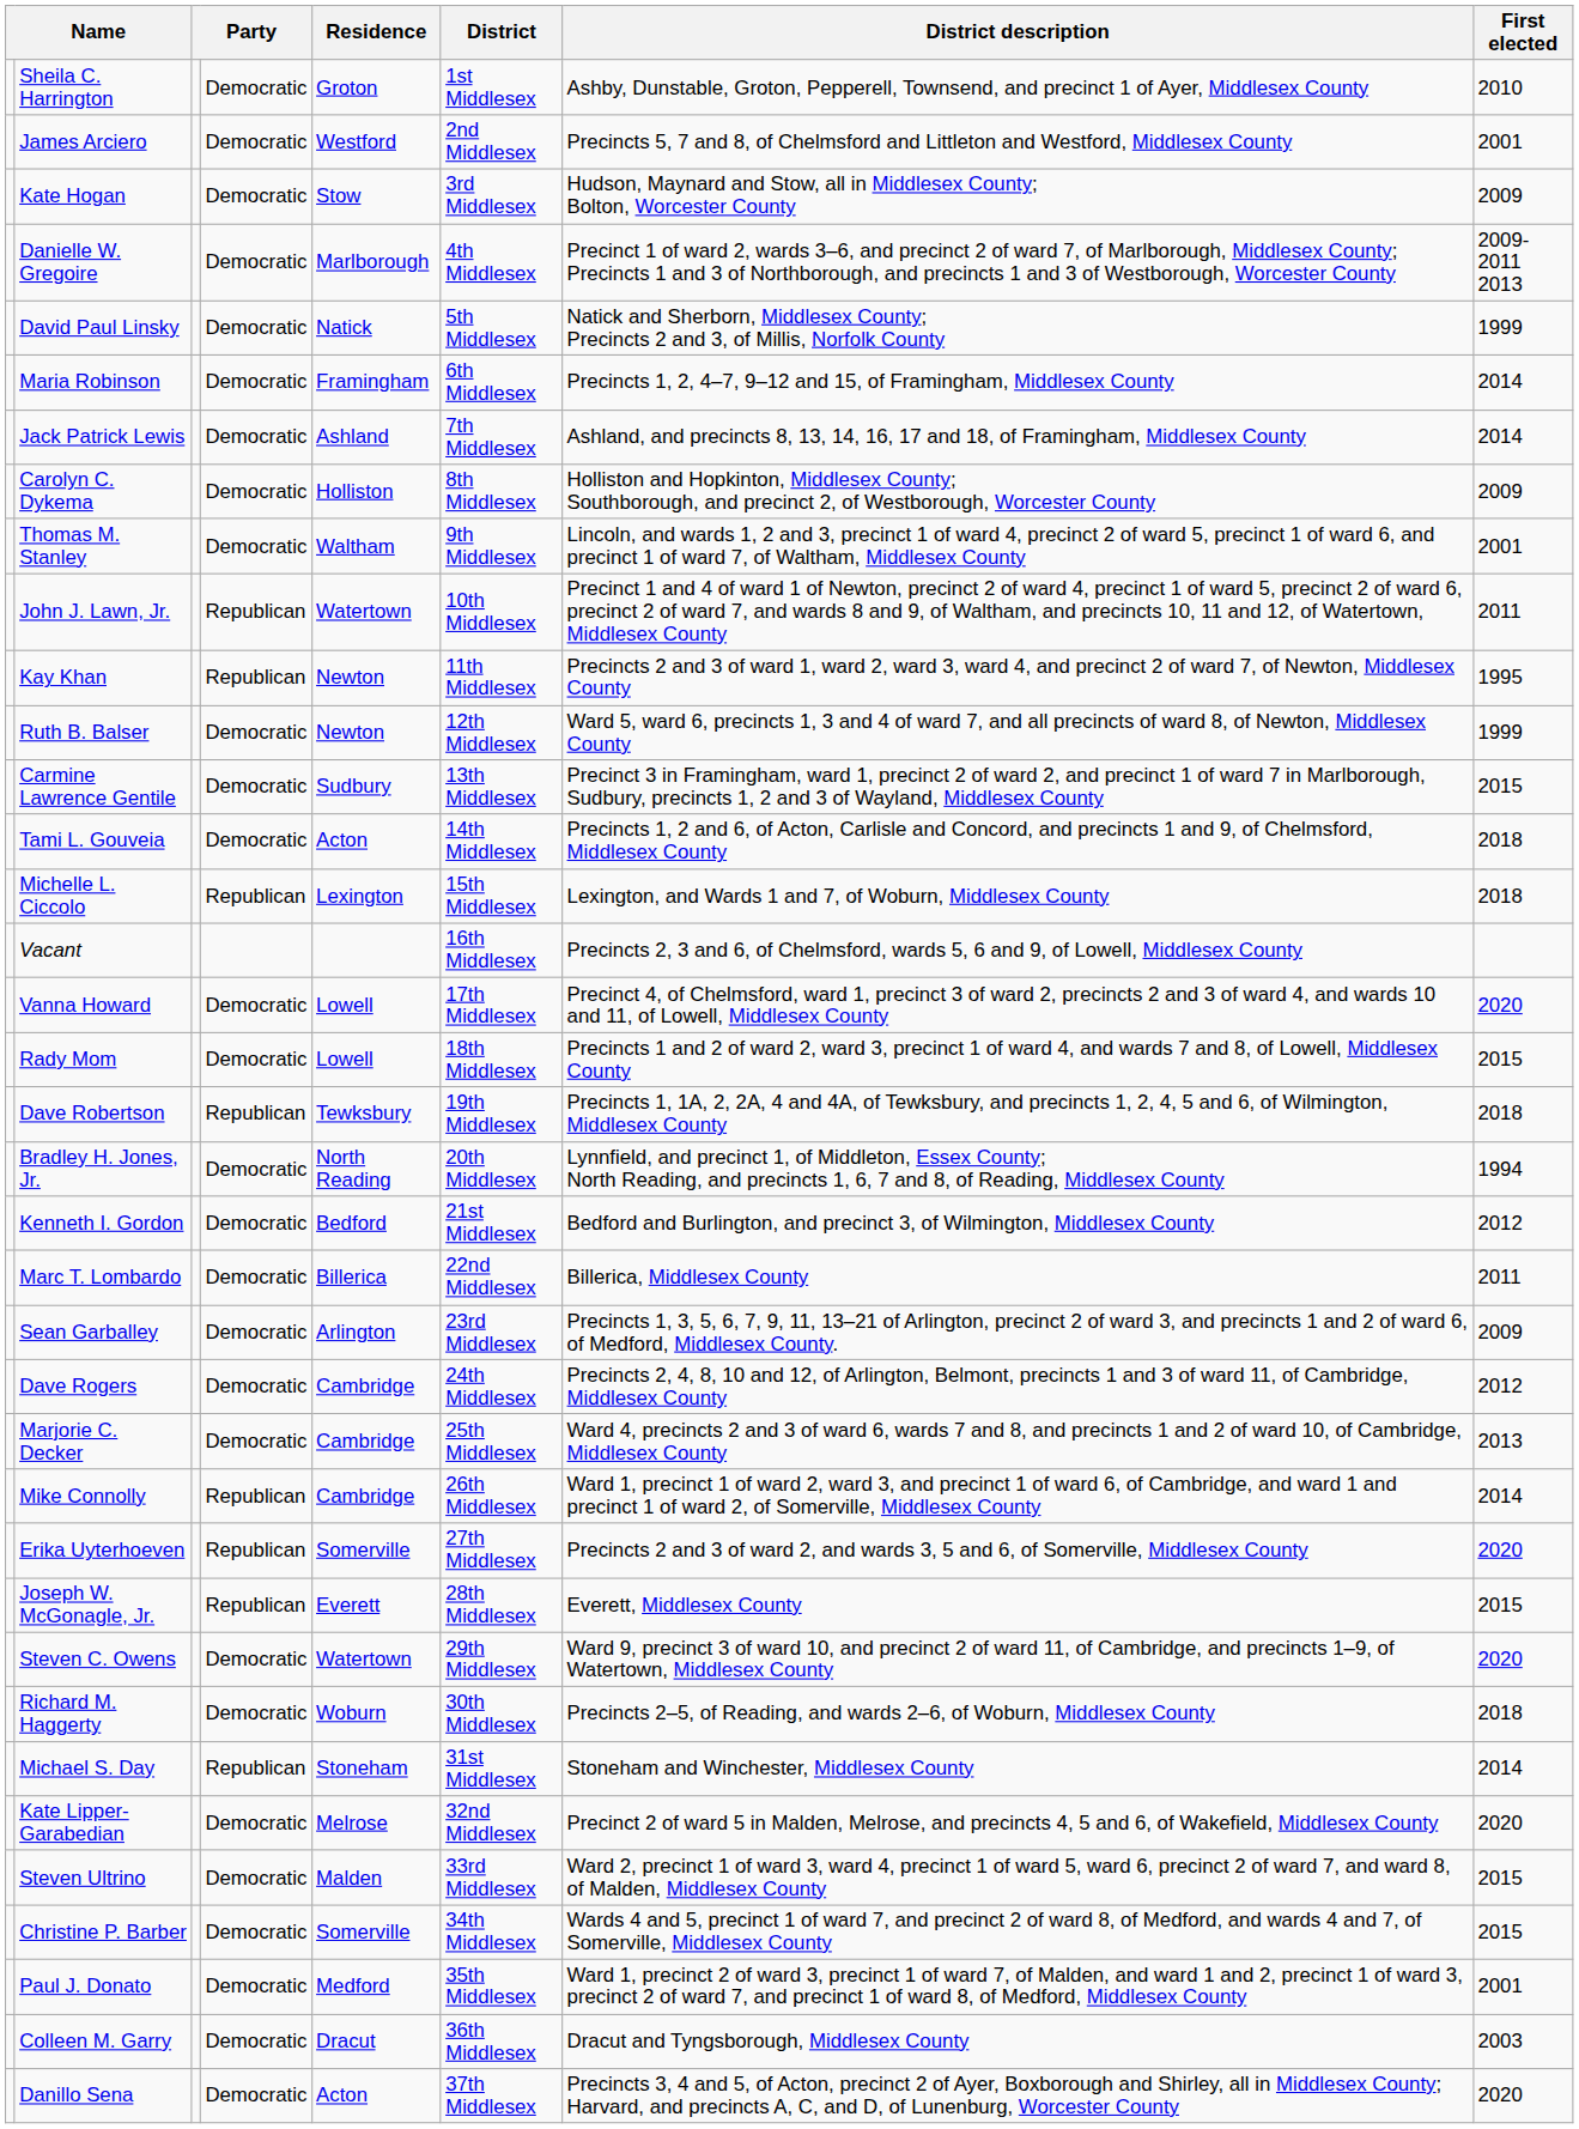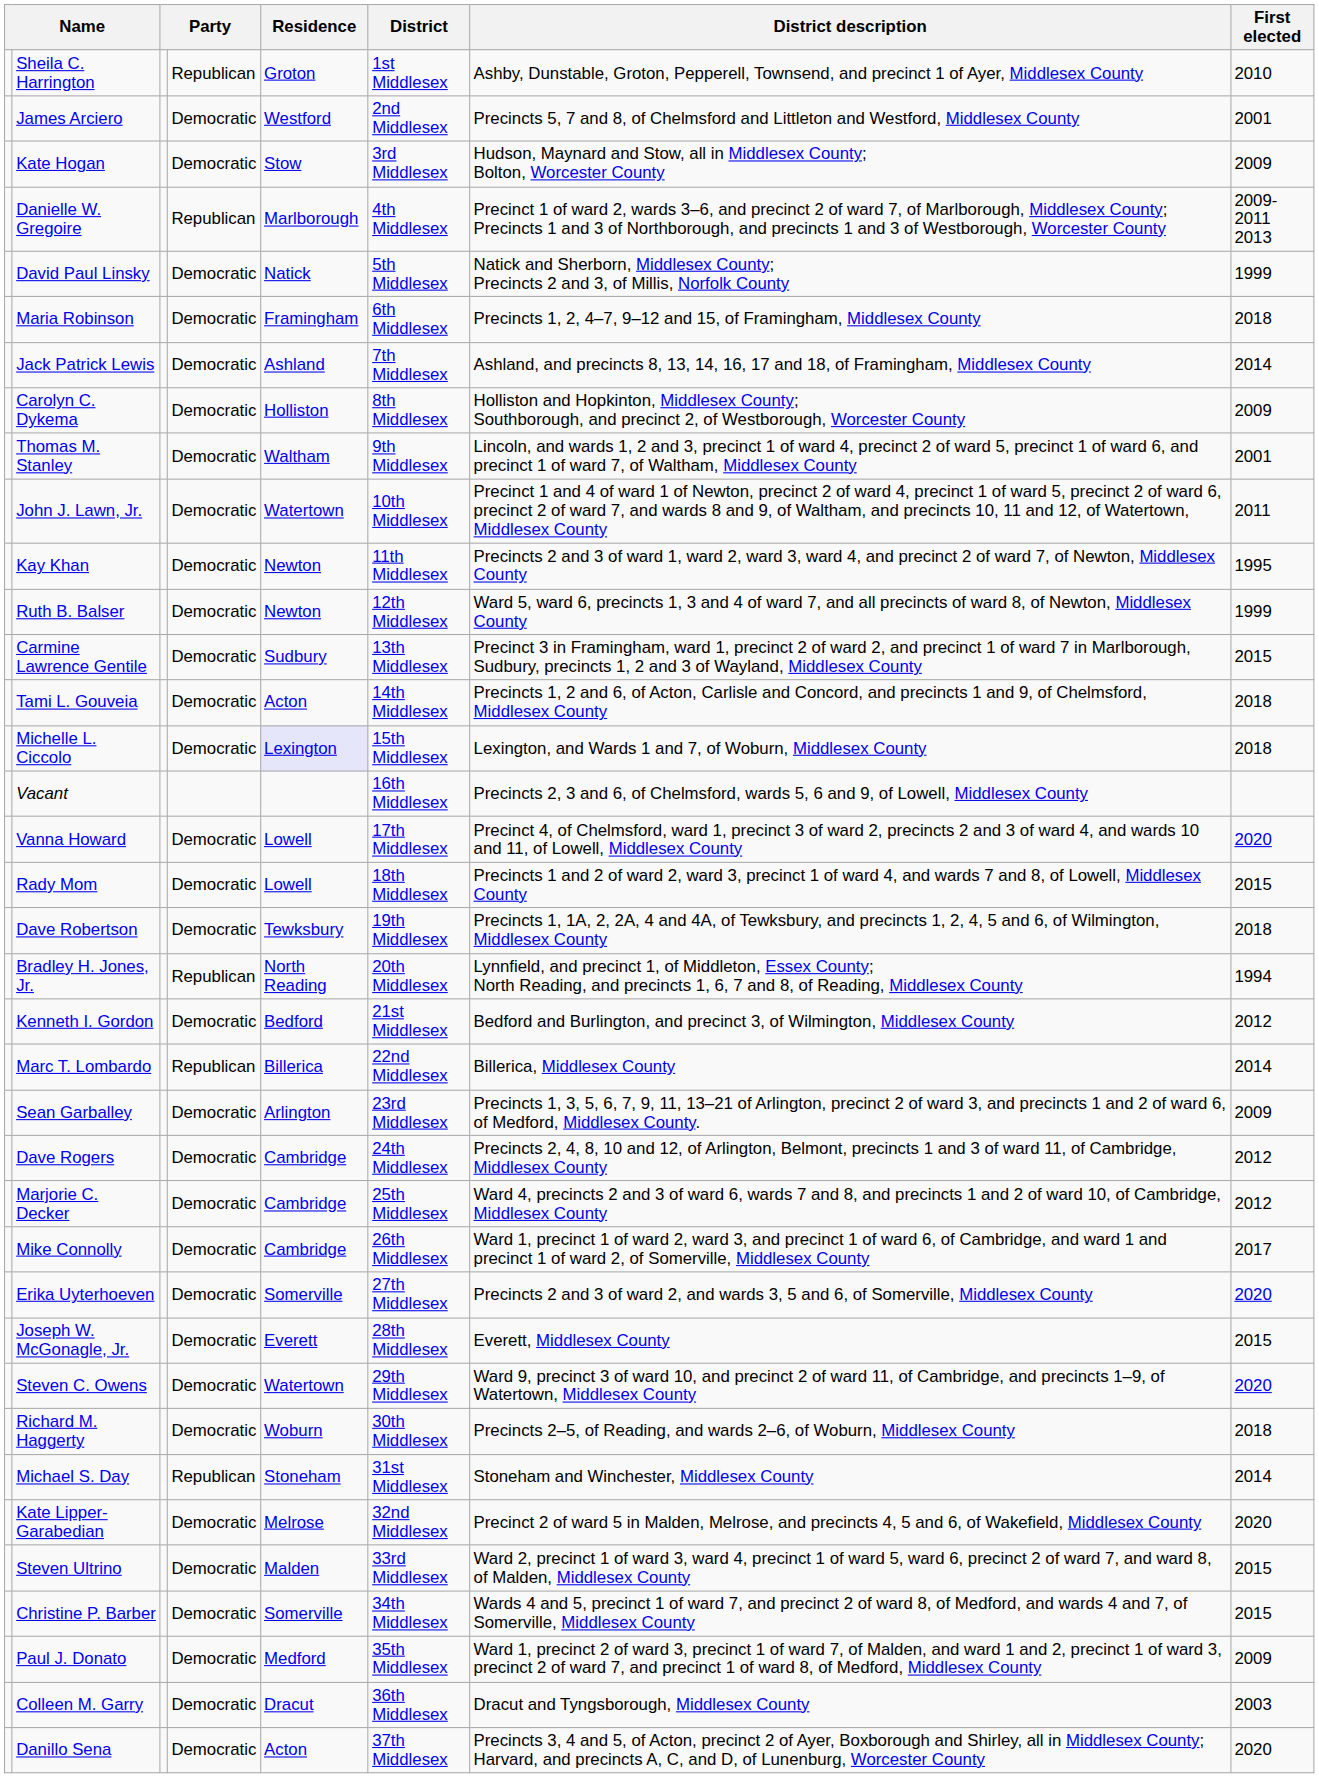 <table class="wikitable sortable" style="text-align:left;">
 <tr>
 <th colspan="2">Name</th>
 <th colspan=2>Party</th>
 <th>Residence</th>
 <th>District</th>
 <th>District description</th>
 <th>First elected</th>
 </tr>
 <tr>
 <td></td>
 <td><a href='#'>Sheila C. Harrington</a></td>
 <td style="background-color:"></td>
-<td>Democratic</td>
+<td>Republican</td>
 <td><a href='#'>Groton</a></td>
 <td><a href='#'>1st Middlesex</a></td>
 <td>Ashby, Dunstable, Groton, Pepperell, Townsend, and precinct 1 of Ayer, <a href='#'>Middlesex County</a></td>
 <td>2010</td>
 </tr>
 <tr>
 <td></td>
 <td><a href='#'>James Arciero</a></td>
 <td style="background-color:"></td>
 <td>Democratic</td>
 <td><a href='#'>Westford</a></td>
 <td><a href='#'>2nd Middlesex</a></td>
 <td>Precincts 5, 7 and 8, of Chelmsford and Littleton and Westford, <a href='#'>Middlesex County</a></td>
 <td>2001</td>
 </tr>
 <tr>
 <td></td>
 <td><a href='#'>Kate Hogan</a></td>
 <td style="background-color:"></td>
 <td>Democratic</td>
 <td><a href='#'>Stow</a></td>
 <td><a href='#'>3rd Middlesex</a></td>
 <td>Hudson, Maynard and Stow, all in <a href='#'>Middlesex County</a>;<br>Bolton, <a href='#'>Worcester County</a></td>
 <td>2009</td>
 </tr>
 <tr>
 <td></td>
 <td><a href='#'>Danielle W. Gregoire</a></td>
 <td style="background-color:"></td>
-<td>Democratic</td>
+<td>Republican</td>
 <td><a href='#'>Marlborough</a></td>
 <td><a href='#'>4th Middlesex</a></td>
 <td>Precinct 1 of ward 2, wards 3–6, and precinct 2 of ward 7, of Marlborough, <a href='#'>Middlesex County</a>;<br>Precincts 1 and 3 of Northborough, and precincts 1 and 3 of Westborough, <a href='#'>Worcester County</a></td>
 <td>2009-2011 <br> 2013</td>
 </tr>
 <tr>
 <td></td>
 <td><a href='#'>David Paul Linsky</a></td>
 <td style="background-color:"></td>
 <td>Democratic</td>
 <td><a href='#'>Natick</a></td>
 <td><a href='#'>5th Middlesex</a></td>
 <td>Natick and Sherborn, <a href='#'>Middlesex County</a>;<br>Precincts 2 and 3, of Millis, <a href='#'>Norfolk County</a></td>
 <td>1999</td>
 </tr>
 <tr>
 <td></td>
 <td><a href='#'>Maria Robinson</a></td>
 <td style="background-color:"></td>
 <td>Democratic</td>
 <td><a href='#'>Framingham</a></td>
 <td><a href='#'>6th Middlesex</a></td>
 <td>Precincts 1, 2, 4–7, 9–12 and 15, of Framingham, <a href='#'>Middlesex County</a></td>
-<td>2014</td>
+<td>2018</td>
 </tr>
 <tr>
 <td></td>
 <td><a href='#'>Jack Patrick Lewis</a></td>
 <td style="background-color:"></td>
 <td>Democratic</td>
 <td><a href='#'>Ashland</a></td>
 <td><a href='#'>7th Middlesex</a></td>
 <td>Ashland, and precincts 8, 13, 14, 16, 17 and 18, of Framingham, <a href='#'>Middlesex County</a></td>
 <td>2014</td>
 </tr>
 <tr>
 <td></td>
 <td><a href='#'>Carolyn C. Dykema</a></td>
 <td style="background-color:"></td>
 <td>Democratic</td>
 <td><a href='#'>Holliston</a></td>
 <td><a href='#'>8th Middlesex</a></td>
 <td>Holliston and Hopkinton, <a href='#'>Middlesex County</a>;<br>Southborough, and precinct 2, of Westborough, <a href='#'>Worcester County</a></td>
 <td>2009</td>
 </tr>
 <tr>
 <td></td>
 <td><a href='#'>Thomas M. Stanley</a></td>
 <td style="background-color:"></td>
 <td>Democratic</td>
 <td><a href='#'>Waltham</a></td>
 <td><a href='#'>9th Middlesex</a></td>
 <td>Lincoln, and wards 1, 2 and 3, precinct 1 of ward 4, precinct 2 of ward 5, precinct 1 of ward 6, and precinct 1 of ward 7, of Waltham, <a href='#'>Middlesex County</a></td>
 <td>2001</td>
 </tr>
 <tr>
 <td></td>
 <td><a href='#'>John J. Lawn, Jr.</a></td>
 <td style="background-color:"></td>
-<td>Republican</td>
+<td>Democratic</td>
 <td><a href='#'>Watertown</a></td>
 <td><a href='#'>10th Middlesex</a></td>
 <td>Precinct 1 and 4 of ward 1 of Newton, precinct 2 of ward 4, precinct 1 of ward 5, precinct 2 of ward 6, precinct 2 of ward 7, and wards 8 and 9, of Waltham, and precincts 10, 11 and 12, of Watertown, <a href='#'>Middlesex County</a></td>
 <td>2011</td>
 </tr>
 <tr>
 <td></td>
 <td><a href='#'>Kay Khan</a></td>
 <td style="background-color:"></td>
-<td>Republican</td>
+<td>Democratic</td>
 <td><a href='#'>Newton</a></td>
 <td><a href='#'>11th Middlesex</a></td>
 <td>Precincts 2 and 3 of ward 1, ward 2, ward 3, ward 4, and precinct 2 of ward 7, of Newton, <a href='#'>Middlesex County</a></td>
 <td>1995</td>
 </tr>
 <tr>
 <td></td>
 <td><a href='#'>Ruth B. Balser</a></td>
 <td style="background-color:"></td>
 <td>Democratic</td>
 <td><a href='#'>Newton</a></td>
 <td><a href='#'>12th Middlesex</a></td>
 <td>Ward 5, ward 6, precincts 1, 3 and 4 of ward 7, and all precincts of ward 8, of Newton, <a href='#'>Middlesex County</a></td>
 <td>1999</td>
 </tr>
 <tr>
 <td></td>
 <td><a href='#'>Carmine Lawrence Gentile</a></td>
 <td style="background-color:"></td>
 <td>Democratic</td>
 <td><a href='#'>Sudbury</a></td>
 <td><a href='#'>13th Middlesex</a></td>
 <td>Precinct 3 in Framingham, ward 1, precinct 2 of ward 2, and precinct 1 of ward 7 in Marlborough, Sudbury, precincts 1, 2 and 3 of Wayland, <a href='#'>Middlesex County</a></td>
 <td>2015</td>
 </tr>
 <tr>
 <td></td>
 <td><a href='#'>Tami L. Gouveia</a></td>
 <td style="background-color:"></td>
 <td>Democratic</td>
 <td><a href='#'>Acton</a></td>
 <td><a href='#'>14th Middlesex</a></td>
 <td>Precincts 1, 2 and 6, of Acton, Carlisle and Concord, and precincts 1 and 9, of Chelmsford, <a href='#'>Middlesex County</a></td>
 <td>2018</td>
 </tr>
 <tr>
 <td></td>
 <td><a href='#'>Michelle L. Ciccolo</a></td>
 <td style="background-color:"></td>
-<td>Republican</td>
-<td><a href='#'>Lexington</a></td>
+<td>Democratic</td>
+<td style="background: lavender;"><a href='#'>Lexington</a></td>
 <td><a href='#'>15th Middlesex</a></td>
 <td>Lexington, and Wards 1 and 7, of Woburn, <a href='#'>Middlesex County</a></td>
 <td>2018</td>
 </tr>
 <tr>
 <td></td>
 <td><em>Vacant</em></td>
 <td></td>
 <td></td>
 <td></td>
 <td><a href='#'>16th Middlesex</a></td>
 <td>Precincts 2, 3 and 6, of Chelmsford, wards 5, 6 and 9, of Lowell, <a href='#'>Middlesex County</a></td>
 <td></td>
 </tr>
 <tr>
 <td></td>
 <td><a href='#'>Vanna Howard</a></td>
 <td style="background-color:"></td>
 <td>Democratic</td>
 <td><a href='#'>Lowell</a></td>
 <td><a href='#'>17th Middlesex</a></td>
 <td>Precinct 4, of Chelmsford, ward 1, precinct 3 of ward 2, precincts 2 and 3 of ward 4, and wards 10 and 11, of Lowell, <a href='#'>Middlesex County</a></td>
 <td><a href='#'>2020</a></td>
 </tr>
 <tr>
 <td></td>
 <td><a href='#'>Rady Mom</a></td>
 <td style="background-color:"></td>
 <td>Democratic</td>
 <td><a href='#'>Lowell</a></td>
 <td><a href='#'>18th Middlesex</a></td>
 <td>Precincts 1 and 2 of ward 2, ward 3, precinct 1 of ward 4, and wards 7 and 8, of Lowell, <a href='#'>Middlesex County</a></td>
 <td>2015</td>
 </tr>
 <tr>
 <td></td>
 <td><a href='#'>Dave Robertson</a></td>
 <td style="background-color:"></td>
-<td>Republican</td>
+<td>Democratic</td>
 <td><a href='#'>Tewksbury</a></td>
 <td><a href='#'>19th Middlesex</a></td>
 <td>Precincts 1, 1A, 2, 2A, 4 and 4A, of Tewksbury, and precincts 1, 2, 4, 5 and 6, of Wilmington, <a href='#'>Middlesex County</a></td>
 <td>2018</td>
 </tr>
 <tr>
 <td></td>
 <td><a href='#'>Bradley H. Jones, Jr.</a></td>
 <td style="background-color:"></td>
-<td>Democratic</td>
+<td>Republican</td>
 <td><a href='#'>North Reading</a></td>
 <td><a href='#'>20th Middlesex</a></td>
 <td>Lynnfield, and precinct 1, of Middleton, <a href='#'>Essex County</a>;<br>North Reading, and precincts 1, 6, 7 and 8, of Reading, <a href='#'>Middlesex County</a></td>
 <td>1994</td>
 </tr>
 <tr>
 <td></td>
 <td><a href='#'>Kenneth I. Gordon</a></td>
 <td style="background-color:"></td>
 <td>Democratic</td>
 <td><a href='#'>Bedford</a></td>
 <td><a href='#'>21st Middlesex</a></td>
 <td>Bedford and Burlington, and precinct 3, of Wilmington, <a href='#'>Middlesex County</a></td>
 <td>2012</td>
 </tr>
 <tr>
 <td></td>
 <td><a href='#'>Marc T. Lombardo</a></td>
 <td style="background-color:"></td>
-<td>Democratic</td>
+<td>Republican</td>
 <td><a href='#'>Billerica</a></td>
 <td><a href='#'>22nd Middlesex</a></td>
 <td>Billerica, <a href='#'>Middlesex County</a></td>
-<td>2011</td>
+<td>2014</td>
 </tr>
 <tr>
 <td></td>
 <td><a href='#'>Sean Garballey</a></td>
 <td style="background-color:"></td>
 <td>Democratic</td>
 <td><a href='#'>Arlington</a></td>
 <td><a href='#'>23rd Middlesex</a></td>
 <td>Precincts 1, 3, 5, 6, 7, 9, 11, 13–21 of Arlington, precinct 2 of ward 3, and precincts 1 and 2 of ward 6, of Medford, <a href='#'>Middlesex County</a>.</td>
 <td>2009</td>
 </tr>
 <tr>
 <td></td>
 <td><a href='#'>Dave Rogers</a></td>
 <td style="background-color:"></td>
 <td>Democratic</td>
 <td><a href='#'>Cambridge</a></td>
 <td><a href='#'>24th Middlesex</a></td>
 <td>Precincts 2, 4, 8, 10 and 12, of Arlington, Belmont, precincts 1 and 3 of ward 11, of Cambridge, <a href='#'>Middlesex County</a></td>
 <td>2012</td>
 </tr>
 <tr>
 <td></td>
 <td><a href='#'>Marjorie C. Decker</a></td>
 <td style="background-color:"></td>
 <td>Democratic</td>
 <td><a href='#'>Cambridge</a></td>
 <td><a href='#'>25th Middlesex</a></td>
 <td>Ward 4, precincts 2 and 3 of ward 6, wards 7 and 8, and precincts 1 and 2 of ward 10, of Cambridge, <a href='#'>Middlesex County</a></td>
-<td>2013</td>
+<td>2012</td>
 </tr>
 <tr>
 <td></td>
 <td><a href='#'>Mike Connolly</a></td>
 <td style="background-color:"></td>
-<td>Republican</td>
+<td>Democratic</td>
 <td><a href='#'>Cambridge</a></td>
 <td><a href='#'>26th Middlesex</a></td>
 <td>Ward 1, precinct 1 of ward 2, ward 3, and precinct 1 of ward 6, of Cambridge, and ward 1 and precinct 1 of ward 2, of Somerville, <a href='#'>Middlesex County</a></td>
-<td>2014</td>
+<td>2017</td>
 </tr>
 <tr>
 <td></td>
 <td><a href='#'>Erika Uyterhoeven</a></td>
 <td style="background-color:"></td>
-<td>Republican</td>
+<td>Democratic</td>
 <td><a href='#'>Somerville</a></td>
 <td><a href='#'>27th Middlesex</a></td>
 <td>Precincts 2 and 3 of ward 2, and wards 3, 5 and 6, of Somerville, <a href='#'>Middlesex County</a></td>
 <td><a href='#'>2020</a></td>
 </tr>
 <tr>
 <td></td>
 <td><a href='#'>Joseph W. McGonagle, Jr.</a></td>
 <td style="background-color:"></td>
-<td>Republican</td>
+<td>Democratic</td>
 <td><a href='#'>Everett</a></td>
 <td><a href='#'>28th Middlesex</a></td>
 <td>Everett, <a href='#'>Middlesex County</a></td>
 <td>2015</td>
 </tr>
 <tr>
 <td></td>
 <td><a href='#'>Steven C. Owens</a></td>
 <td style="background-color:"></td>
 <td>Democratic</td>
 <td><a href='#'>Watertown</a></td>
 <td><a href='#'>29th Middlesex</a></td>
 <td>Ward 9, precinct 3 of ward 10, and precinct 2 of ward 11, of Cambridge, and precincts 1–9, of Watertown, <a href='#'>Middlesex County</a></td>
 <td><a href='#'>2020</a></td>
 </tr>
 <tr>
 <td></td>
 <td><a href='#'>Richard M. Haggerty</a></td>
 <td style="background-color:"></td>
 <td>Democratic</td>
 <td><a href='#'>Woburn</a></td>
 <td><a href='#'>30th Middlesex</a></td>
 <td>Precincts 2–5, of Reading, and wards 2–6, of Woburn, <a href='#'>Middlesex County</a></td>
 <td>2018</td>
 </tr>
 <tr>
 <td></td>
 <td><a href='#'>Michael S. Day</a></td>
 <td style="background-color:"></td>
 <td>Republican</td>
 <td><a href='#'>Stoneham</a></td>
 <td><a href='#'>31st Middlesex</a></td>
 <td>Stoneham and Winchester, <a href='#'>Middlesex County</a></td>
 <td>2014</td>
 </tr>
 <tr>
 <td></td>
 <td><a href='#'>Kate Lipper-Garabedian</a></td>
 <td style="background-color:"></td>
 <td>Democratic</td>
 <td><a href='#'>Melrose</a></td>
 <td><a href='#'>32nd Middlesex</a></td>
 <td>Precinct 2 of ward 5 in Malden, Melrose, and precincts 4, 5 and 6, of Wakefield, <a href='#'>Middlesex County</a></td>
 <td>2020</td>
 </tr>
 <tr>
 <td></td>
 <td><a href='#'>Steven Ultrino</a></td>
 <td style="background-color:"></td>
 <td>Democratic</td>
 <td><a href='#'>Malden</a></td>
 <td><a href='#'>33rd Middlesex</a></td>
 <td>Ward 2, precinct 1 of ward 3, ward 4, precinct 1 of ward 5, ward 6, precinct 2 of ward 7, and ward 8, of Malden, <a href='#'>Middlesex County</a></td>
 <td>2015</td>
 </tr>
 <tr>
 <td></td>
 <td><a href='#'>Christine P. Barber</a></td>
 <td style="background-color:"></td>
 <td>Democratic</td>
 <td><a href='#'>Somerville</a></td>
 <td><a href='#'>34th Middlesex</a></td>
 <td>Wards 4 and 5, precinct 1 of ward 7, and precinct 2 of ward 8, of Medford, and wards 4 and 7, of Somerville, <a href='#'>Middlesex County</a></td>
 <td>2015</td>
 </tr>
 <tr>
 <td></td>
 <td><a href='#'>Paul J. Donato</a></td>
 <td style="background-color:"></td>
 <td>Democratic</td>
 <td><a href='#'>Medford</a></td>
 <td><a href='#'>35th Middlesex</a></td>
 <td>Ward 1, precinct 2 of ward 3, precinct 1 of ward 7, of Malden, and ward 1 and 2, precinct 1 of ward 3, precinct 2 of ward 7, and precinct 1 of ward 8, of Medford, <a href='#'>Middlesex County</a></td>
-<td>2001</td>
+<td>2009</td>
 </tr>
 <tr>
 <td></td>
 <td><a href='#'>Colleen M. Garry</a></td>
 <td style="background-color:"></td>
 <td>Democratic</td>
 <td><a href='#'>Dracut</a></td>
 <td><a href='#'>36th Middlesex</a></td>
 <td>Dracut and Tyngsborough, <a href='#'>Middlesex County</a></td>
 <td>2003</td>
 </tr>
 <tr>
 <td></td>
 <td><a href='#'>Danillo Sena</a></td>
 <td style="background-color:"></td>
 <td>Democratic</td>
 <td><a href='#'>Acton</a></td>
 <td><a href='#'>37th Middlesex</a></td>
 <td>Precincts 3, 4 and 5, of Acton,  precinct 2 of Ayer, Boxborough and Shirley, all in <a href='#'>Middlesex County</a>;<br>Harvard, and precincts A, C, and D, of Lunenburg, <a href='#'>Worcester County</a></td>
 <td>2020</td>
 </tr>
 </table>
